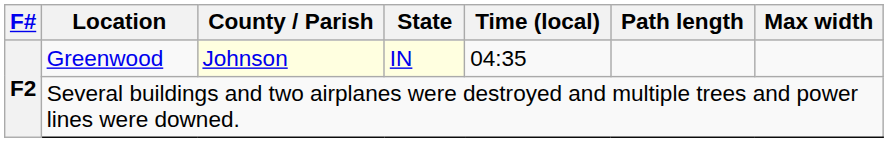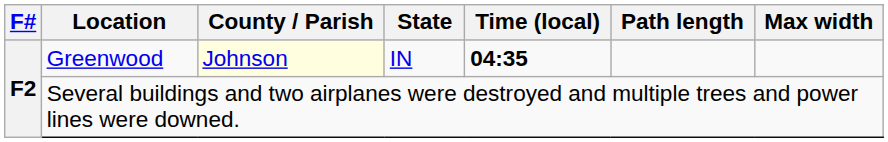 <table class="wikitable sortable" style="width:100%;">
 <tr>
 <th scope="col" align="center"><a href='#'>F#</a><br></th>
 <th scope="col" align="center" class="unsortable">Location</th>
 <th scope="col" align="center" class="unsortable">County / Parish</th>
 <th scope="col" align="center">State</th>
 <th scope="col" align="center">Time (local)</th>
 <th scope="col" align="center">Path length</th>
 <th scope="col" align="center">Max width</th>
 </tr>
 <tr>
 <th scope="row" rowspan="2" style="background-color:#">F2</th>
 <td><a href='#'>Greenwood</a></td>
 <td style="background: lightyellow;"><a href='#'>Johnson</a></td>
-<td style="background: lightyellow;"><a href='#'>IN</a></td>
-<td>04:35</td>
+<td><a href='#'>IN</a></td>
+<td><strong>04:35</strong></td>
 <td></td>
 <td></td>
 </tr>
 <tr class="expand-child">
 <td colspan="6" style="border-bottom: 1px solid black;">Several buildings and two airplanes were destroyed and multiple trees and power lines were downed.</td>
 </tr>
 </table>
